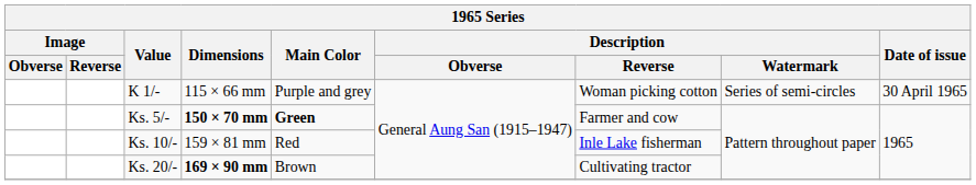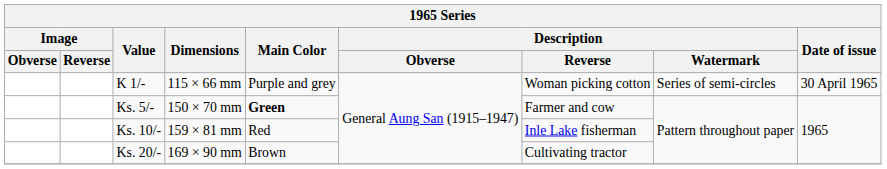 <table class="wikitable" style="font-size: 90%">
 <tr>
 <th colspan="9">1965 Series</th>
 </tr>
 <tr>
 <th colspan="2">Image</th>
 <th rowspan="2">Value</th>
 <th rowspan="2">Dimensions</th>
 <th rowspan="2">Main Color</th>
 <th colspan="3">Description</th>
 <th rowspan="2">Date of issue</th>
 </tr>
 <tr>
 <th>Obverse</th>
 <th>Reverse</th>
 <th>Obverse</th>
 <th>Reverse</th>
 <th>Watermark</th>
 </tr>
 <tr>
 <td style="text-align:center; background:#fff;"></td>
 <td style="text-align:center; background:#fff;"></td>
 <td>K 1/-</td>
 <td>115 × 66 mm</td>
 <td>Purple and grey</td>
 <td rowspan="4">General <a href='#'>Aung San</a> (1915–1947)</td>
 <td>Woman picking cotton</td>
 <td>Series of semi-circles</td>
 <td>30 April 1965</td>
 </tr>
 <tr>
 <td style="text-align:center; background:#fff;"></td>
 <td style="text-align:center; background:#fff;"></td>
 <td>Ks. 5/-</td>
-<td><strong>150 × 70 mm</strong></td>
+<td>150 × 70 mm</td>
 <td><strong>Green</strong></td>
 <td>Farmer and cow</td>
 <td rowspan="3">Pattern throughout paper</td>
 <td rowspan="3">1965</td>
 </tr>
 <tr>
 <td style="text-align:center; background:#fff;"></td>
 <td style="text-align:center; background:#fff;"></td>
 <td>Ks. 10/-</td>
 <td>159 × 81 mm</td>
 <td>Red</td>
 <td><a href='#'>Inle Lake</a> fisherman</td>
 </tr>
 <tr>
 <td style="text-align:center; background:#fff;"></td>
 <td style="text-align:center; background:#fff;"></td>
 <td>Ks. 20/-</td>
-<td><strong>169 × 90 mm</strong></td>
+<td>169 × 90 mm</td>
 <td>Brown</td>
 <td>Cultivating tractor</td>
 </tr>
 <tr colspan="10"|>
 </tr>
 </table>
